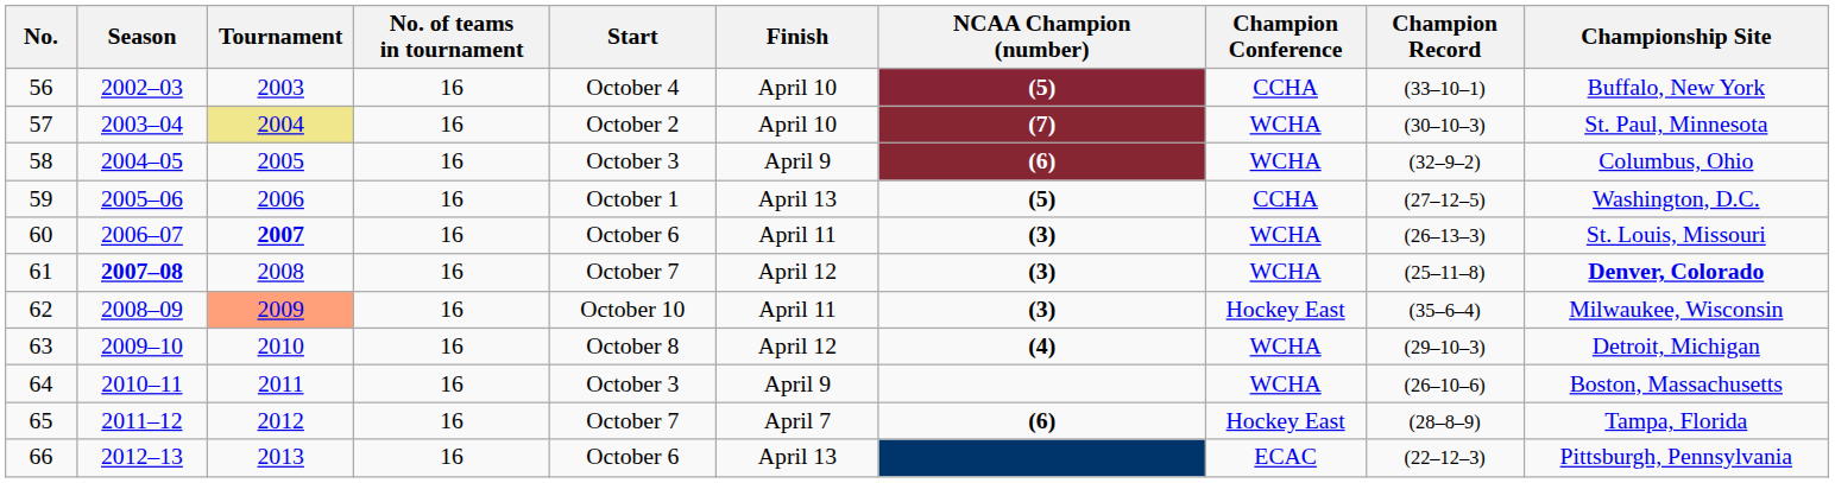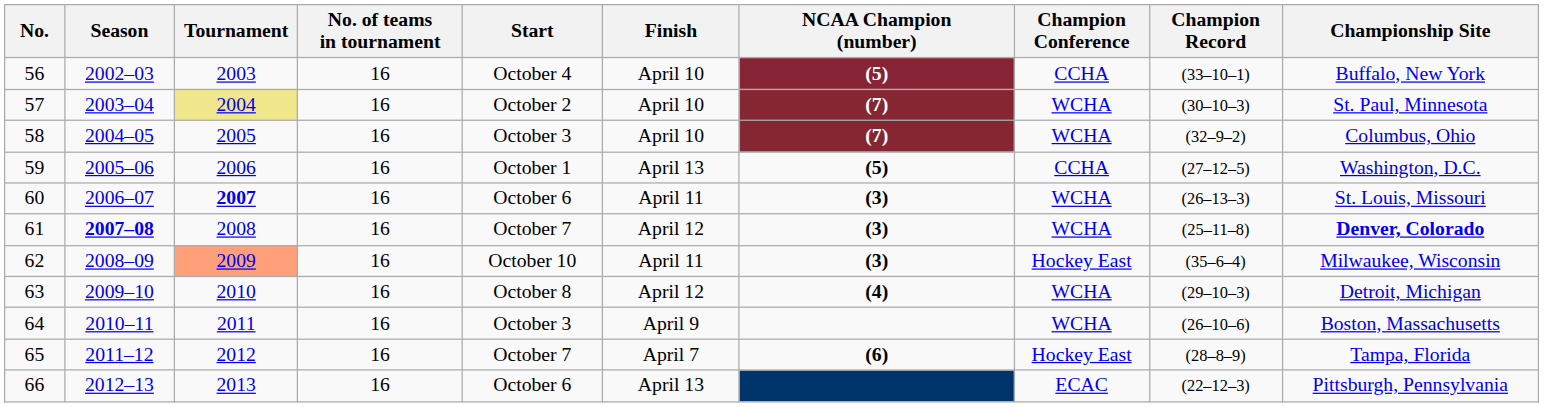 <table class="wikitable">
 <tr>
 <th style="width:3em">No.</th>
 <th style="width:6em">Season</th>
 <th style="width:6em">Tournament</th>
 <th style="width:9em">No. of teams<br>in tournament</th>
 <th style="width:8em">Start</th>
 <th style="width:8em">Finish</th>
 <th style="width:17em">NCAA Champion<br>(number)</th>
 <th style="width:7em">Champion<br>Conference</th>
 <th style="width:7em">Champion<br>Record</th>
 <th style="width:15em">Championship Site</th>
 </tr>
 <tr style="text-align:center;">
 <td>56</td>
 <td><a href='#'>2002–03</a></td>
 <td><a href='#'>2003</a></td>
 <td>16</td>
 <td>October 4</td>
 <td>April 10</td>
 <td style="color:white; background:#862334; "><strong><a href='#'></a> (5)</strong></td>
 <td><a href='#'>CCHA</a></td>
 <td><small>(33–10–1)</small></td>
 <td><a href='#'>Buffalo, New York</a></td>
 </tr>
 <tr style="text-align:center;">
 <td>57</td>
 <td><a href='#'>2003–04</a></td>
 <td style="background: khaki;"><a href='#'>2004</a></td>
 <td>16</td>
 <td>October 2</td>
 <td>April 10</td>
 <td style="color:white; background:#862633; "><strong><a href='#'></a> (7)</strong></td>
 <td><a href='#'>WCHA</a></td>
 <td><small>(30–10–3)</small></td>
 <td><a href='#'>St. Paul, Minnesota</a></td>
 </tr>
 <tr style="text-align:center;">
 <td>58</td>
 <td><a href='#'>2004–05</a></td>
 <td><a href='#'>2005</a></td>
 <td>16</td>
 <td>October 3</td>
-<td>April 9</td>
-<td style="color:white; background:#862633; "><strong><a href='#'></a> (6)</strong></td>
+<td>April 10</td>
+<td style="color:white; background:#862633; "><strong><a href='#'></a> (7)</strong></td>
 <td><a href='#'>WCHA</a></td>
 <td><small>(32–9–2)</small></td>
 <td><a href='#'>Columbus, Ohio</a></td>
 </tr>
 <tr style="text-align:center;">
 <td>59</td>
 <td><a href='#'>2005–06</a></td>
 <td><a href='#'>2006</a></td>
 <td>16</td>
 <td>October 1</td>
 <td>April 13</td>
 <td><strong><a href='#'></a> (5)</strong></td>
 <td><a href='#'>CCHA</a></td>
 <td><small>(27–12–5)</small></td>
 <td><a href='#'>Washington, D.C.</a></td>
 </tr>
 <tr style="text-align:center;">
 <td>60</td>
 <td><a href='#'>2006–07</a></td>
 <td><strong><a href='#'>2007</a></strong></td>
 <td>16</td>
 <td>October 6</td>
 <td>April 11</td>
 <td><strong><a href='#'></a> (3)</strong></td>
 <td><a href='#'>WCHA</a></td>
 <td><small>(26–13–3)</small></td>
 <td><a href='#'>St. Louis, Missouri</a></td>
 </tr>
 <tr style="text-align:center;">
 <td>61</td>
 <td><strong><a href='#'>2007–08</a></strong></td>
 <td><a href='#'>2008</a></td>
 <td>16</td>
 <td>October 7</td>
 <td>April 12</td>
 <td><strong><a href='#'></a> (3)</strong></td>
 <td><a href='#'>WCHA</a></td>
 <td><small>(25–11–8)</small></td>
 <td><strong><a href='#'>Denver, Colorado</a></strong></td>
 </tr>
 <tr style="text-align:center;">
 <td>62</td>
 <td><a href='#'>2008–09</a></td>
 <td style="background: lightsalmon;"><a href='#'>2009</a></td>
 <td>16</td>
 <td>October 10</td>
 <td>April 11</td>
 <td><strong><a href='#'></a> (3)</strong></td>
 <td><a href='#'>Hockey East</a></td>
 <td><small>(35–6–4)</small></td>
 <td><a href='#'>Milwaukee, Wisconsin</a></td>
 </tr>
 <tr style="text-align:center;">
 <td>63</td>
 <td><a href='#'>2009–10</a></td>
 <td><a href='#'>2010</a></td>
 <td>16</td>
 <td>October 8</td>
 <td>April 12</td>
 <td><strong><a href='#'></a> (4)</strong></td>
 <td><a href='#'>WCHA</a></td>
 <td><small>(29–10–3)</small></td>
 <td><a href='#'>Detroit, Michigan</a></td>
 </tr>
 <tr style="text-align:center;">
 <td>64</td>
 <td><a href='#'>2010–11</a></td>
 <td><a href='#'>2011</a></td>
 <td>16</td>
 <td>October 3</td>
 <td>April 9</td>
 <td><strong><a href='#'></a></strong></td>
 <td><a href='#'>WCHA</a></td>
 <td><small>(26–10–6)</small></td>
 <td><a href='#'>Boston, Massachusetts</a></td>
 </tr>
 <tr style="text-align:center;">
 <td>65</td>
 <td><a href='#'>2011–12</a></td>
 <td><a href='#'>2012</a></td>
 <td>16</td>
 <td>October 7</td>
 <td>April 7</td>
 <td><strong><a href='#'></a> (6)</strong></td>
 <td><a href='#'>Hockey East</a></td>
 <td><small>(28–8–9)</small></td>
 <td><a href='#'>Tampa, Florida</a></td>
 </tr>
 <tr style="text-align:center;">
 <td>66</td>
 <td><a href='#'>2012–13</a></td>
 <td><a href='#'>2013</a></td>
 <td>16</td>
 <td>October 6</td>
 <td>April 13</td>
 <td style="color:white; background:#00356B"><strong><a href='#'></a></strong></td>
 <td><a href='#'>ECAC</a></td>
 <td><small>(22–12–3)</small></td>
 <td><a href='#'>Pittsburgh, Pennsylvania</a></td>
 </tr>
 </table>
